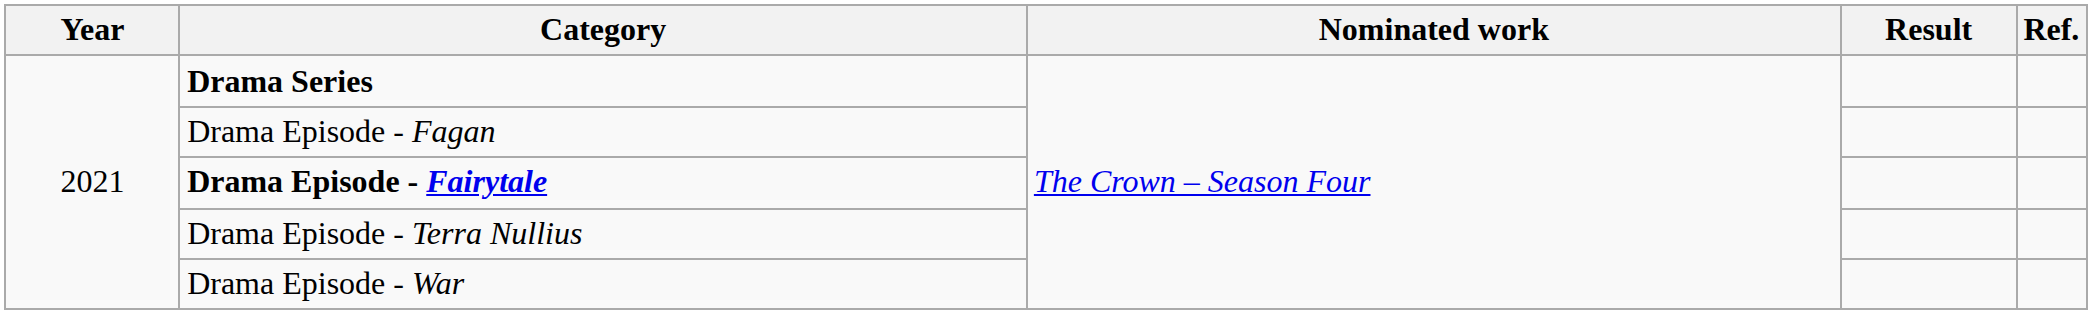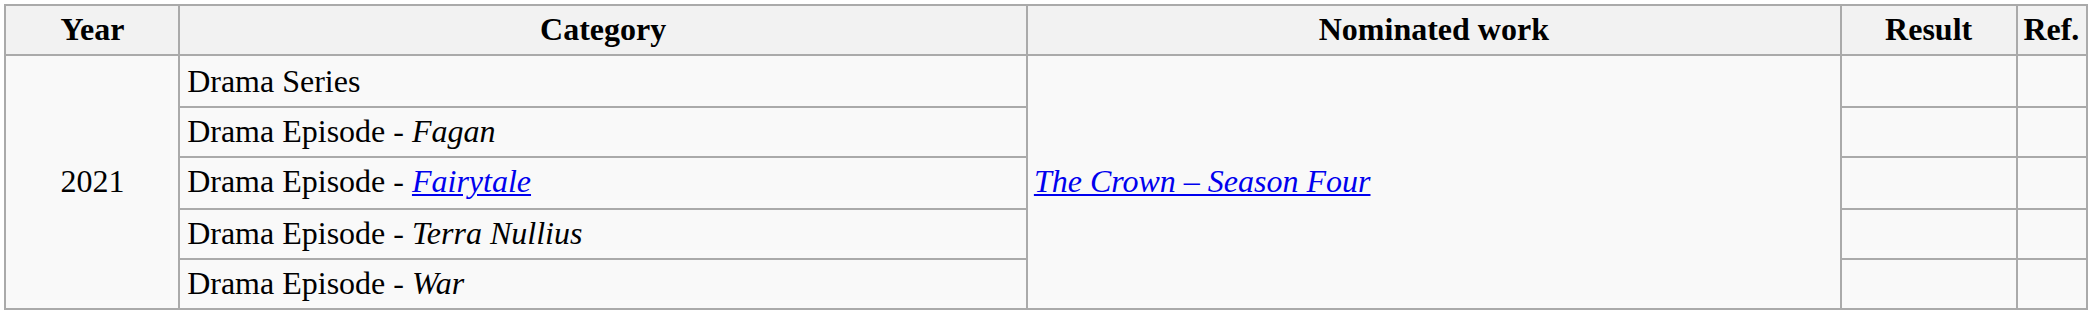 <table class=wikitable>
 <tr>
 <th scope="col" style="width:5em;">Year</th>
 <th scope="col" style="width:26em;">Category</th>
 <th scope="col" style="width:25em;">Nominated work</th>
 <th scope="col" style="width:5em;">Result</th>
 <th>Ref.</th>
 </tr>
 <tr>
 <td style="text-align:center;", rowspan=5>2021</td>
-<td><strong>Drama Series</strong></td>
+<td>Drama Series</td>
 <td rowspan=5><em><a href='#'>The Crown – Season Four</a></em></td>
 <td></td>
 <td></td>
 </tr>
 <tr>
 <td>Drama Episode - <em>Fagan</em></td>
 <td></td>
 <td></td>
 </tr>
 <tr>
-<td><strong>Drama Episode - <em><a href='#'>Fairytale</a></em></strong></td>
+<td>Drama Episode - <em><a href='#'>Fairytale</a></em></td>
 <td></td>
 <td></td>
 </tr>
 <tr>
 <td>Drama Episode - <em>Terra Nullius</em></td>
 <td></td>
 <td></td>
 </tr>
 <tr>
 <td>Drama Episode - <em>War</em></td>
 <td></td>
 <td></td>
 </tr>
 <tr>
 </tr>
 </table>
